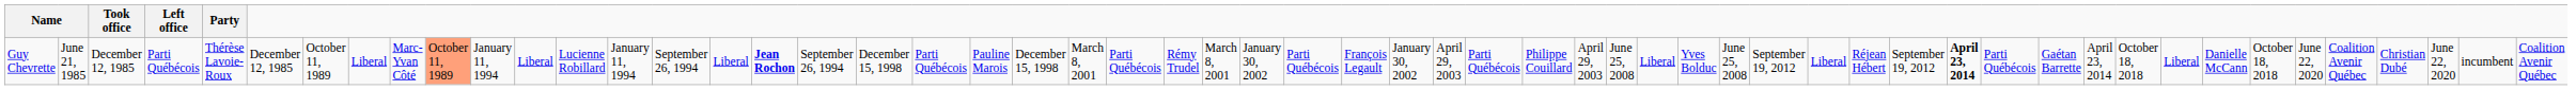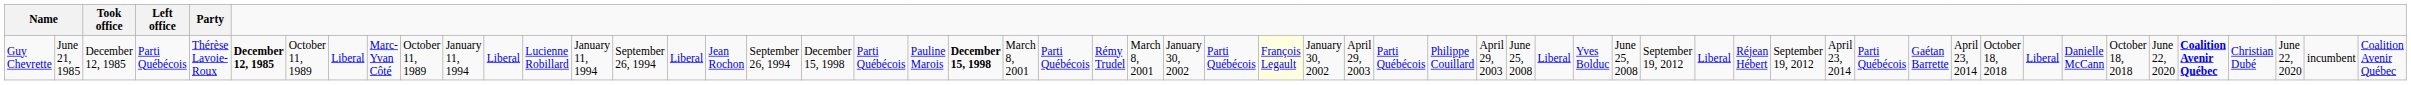 <table class="wikitable">
 <tr>
 <th colspan="2">Name</th>
 <th>Took office</th>
 <th>Left office</th>
 <th>Party</th>
 </tr>
 <tr>
 <td><a href='#'>Guy Chevrette</a></td>
 <td>June 21, 1985</td>
 <td>December 12, 1985</td>
 <td><a href='#'>Parti Québécois</a><br></td>
 <td><a href='#'>Thérèse Lavoie-Roux</a></td>
-<td>December 12, 1985</td>
+<td><strong>December 12, 1985</strong></td>
 <td>October 11, 1989</td>
 <td><a href='#'>Liberal</a><br></td>
 <td><a href='#'>Marc-Yvan Côté</a></td>
-<td style="background: lightsalmon;">October 11, 1989</td>
+<td>October 11, 1989</td>
 <td>January 11, 1994</td>
 <td><a href='#'>Liberal</a><br></td>
 <td><a href='#'>Lucienne Robillard</a></td>
 <td>January 11, 1994</td>
 <td>September 26, 1994</td>
 <td><a href='#'>Liberal</a><br></td>
-<td><strong><a href='#'>Jean Rochon</a></strong></td>
+<td><a href='#'>Jean Rochon</a></td>
 <td>September 26, 1994</td>
 <td>December 15, 1998</td>
 <td><a href='#'>Parti Québécois</a><br></td>
 <td><a href='#'>Pauline Marois</a></td>
-<td>December 15, 1998</td>
+<td><strong>December 15, 1998</strong></td>
 <td>March 8, 2001</td>
 <td><a href='#'>Parti Québécois</a><br></td>
 <td><a href='#'>Rémy Trudel</a></td>
 <td>March 8, 2001</td>
 <td>January 30, 2002</td>
 <td><a href='#'>Parti Québécois</a><br></td>
-<td><a href='#'>François Legault</a></td>
+<td style="background: lightyellow;"><a href='#'>François Legault</a></td>
 <td>January 30, 2002</td>
 <td>April 29, 2003</td>
 <td><a href='#'>Parti Québécois</a><br></td>
 <td><a href='#'>Philippe Couillard</a></td>
 <td>April 29, 2003</td>
 <td>June 25, 2008</td>
 <td><a href='#'>Liberal</a><br></td>
 <td><a href='#'>Yves Bolduc</a></td>
 <td>June 25, 2008</td>
 <td>September 19, 2012</td>
 <td><a href='#'>Liberal</a><br></td>
 <td><a href='#'>Réjean Hébert</a></td>
 <td>September 19, 2012</td>
-<td><strong>April 23, 2014</strong></td>
+<td>April 23, 2014</td>
 <td><a href='#'>Parti Québécois</a><br></td>
 <td><a href='#'>Gaétan Barrette</a></td>
 <td>April 23, 2014</td>
 <td>October 18, 2018</td>
 <td><a href='#'>Liberal</a><br></td>
 <td><a href='#'>Danielle McCann</a></td>
 <td>October 18, 2018</td>
 <td>June 22, 2020</td>
-<td><a href='#'>Coalition Avenir Québec</a><br></td>
+<td><strong><a href='#'>Coalition Avenir Québec</a><br></strong></td>
 <td><a href='#'>Christian Dubé</a></td>
 <td>June 22, 2020</td>
 <td>incumbent</td>
 <td><a href='#'>Coalition Avenir Québec</a></td>
 </tr>
 </table>
